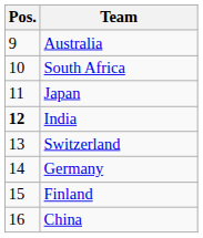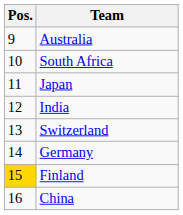 <table class="wikitable">
 <tr>
 <th>Pos.</th>
 <th width="150">Team</th>
 </tr>
 <tr>
 <td>9</td>
 <td> <a href='#'>Australia</a></td>
 </tr>
 <tr>
 <td>10</td>
 <td> <a href='#'>South Africa</a></td>
 </tr>
 <tr>
 <td>11</td>
 <td> <a href='#'>Japan</a></td>
 </tr>
 <tr>
-<td><strong>12</strong></td>
+<td>12</td>
 <td> <a href='#'>India</a></td>
 </tr>
 <tr>
 <td>13</td>
 <td> <a href='#'>Switzerland</a></td>
 </tr>
 <tr>
 <td>14</td>
 <td> <a href='#'>Germany</a></td>
 </tr>
 <tr>
-<td>15</td>
+<td style="background: gold;">15</td>
 <td> <a href='#'>Finland</a></td>
 </tr>
 <tr>
 <td>16</td>
 <td> <a href='#'>China</a></td>
 </tr>
 </table>
